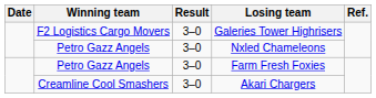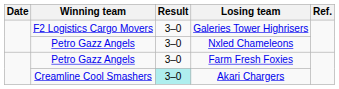 <table class="wikitable sortable" style="text-align: center">
 <tr>
 <th>Date</th>
 <th>Winning team</th>
 <th>Result</th>
 <th>Losing team</th>
 <th class=unsortable>Ref.</th>
 </tr>
 <tr>
 <td rowspan=2></td>
 <td><a href='#'>F2 Logistics Cargo Movers</a></td>
 <td>3–0</td>
 <td><a href='#'>Galeries Tower Highrisers</a></td>
 <td rowspan=2></td>
 </tr>
 <tr>
 <td><a href='#'>Petro Gazz Angels</a></td>
 <td>3–0</td>
 <td><a href='#'>Nxled Chameleons</a></td>
 </tr>
 <tr>
 <td rowspan=2></td>
 <td><a href='#'>Petro Gazz Angels</a></td>
 <td>3–0</td>
 <td><a href='#'>Farm Fresh Foxies</a></td>
 <td rowspan=2></td>
 </tr>
 <tr>
 <td><a href='#'>Creamline Cool Smashers</a></td>
-<td>3–0</td>
+<td style="background: paleturquoise;">3–0</td>
 <td><a href='#'>Akari Chargers</a></td>
 </tr>
 </table>
